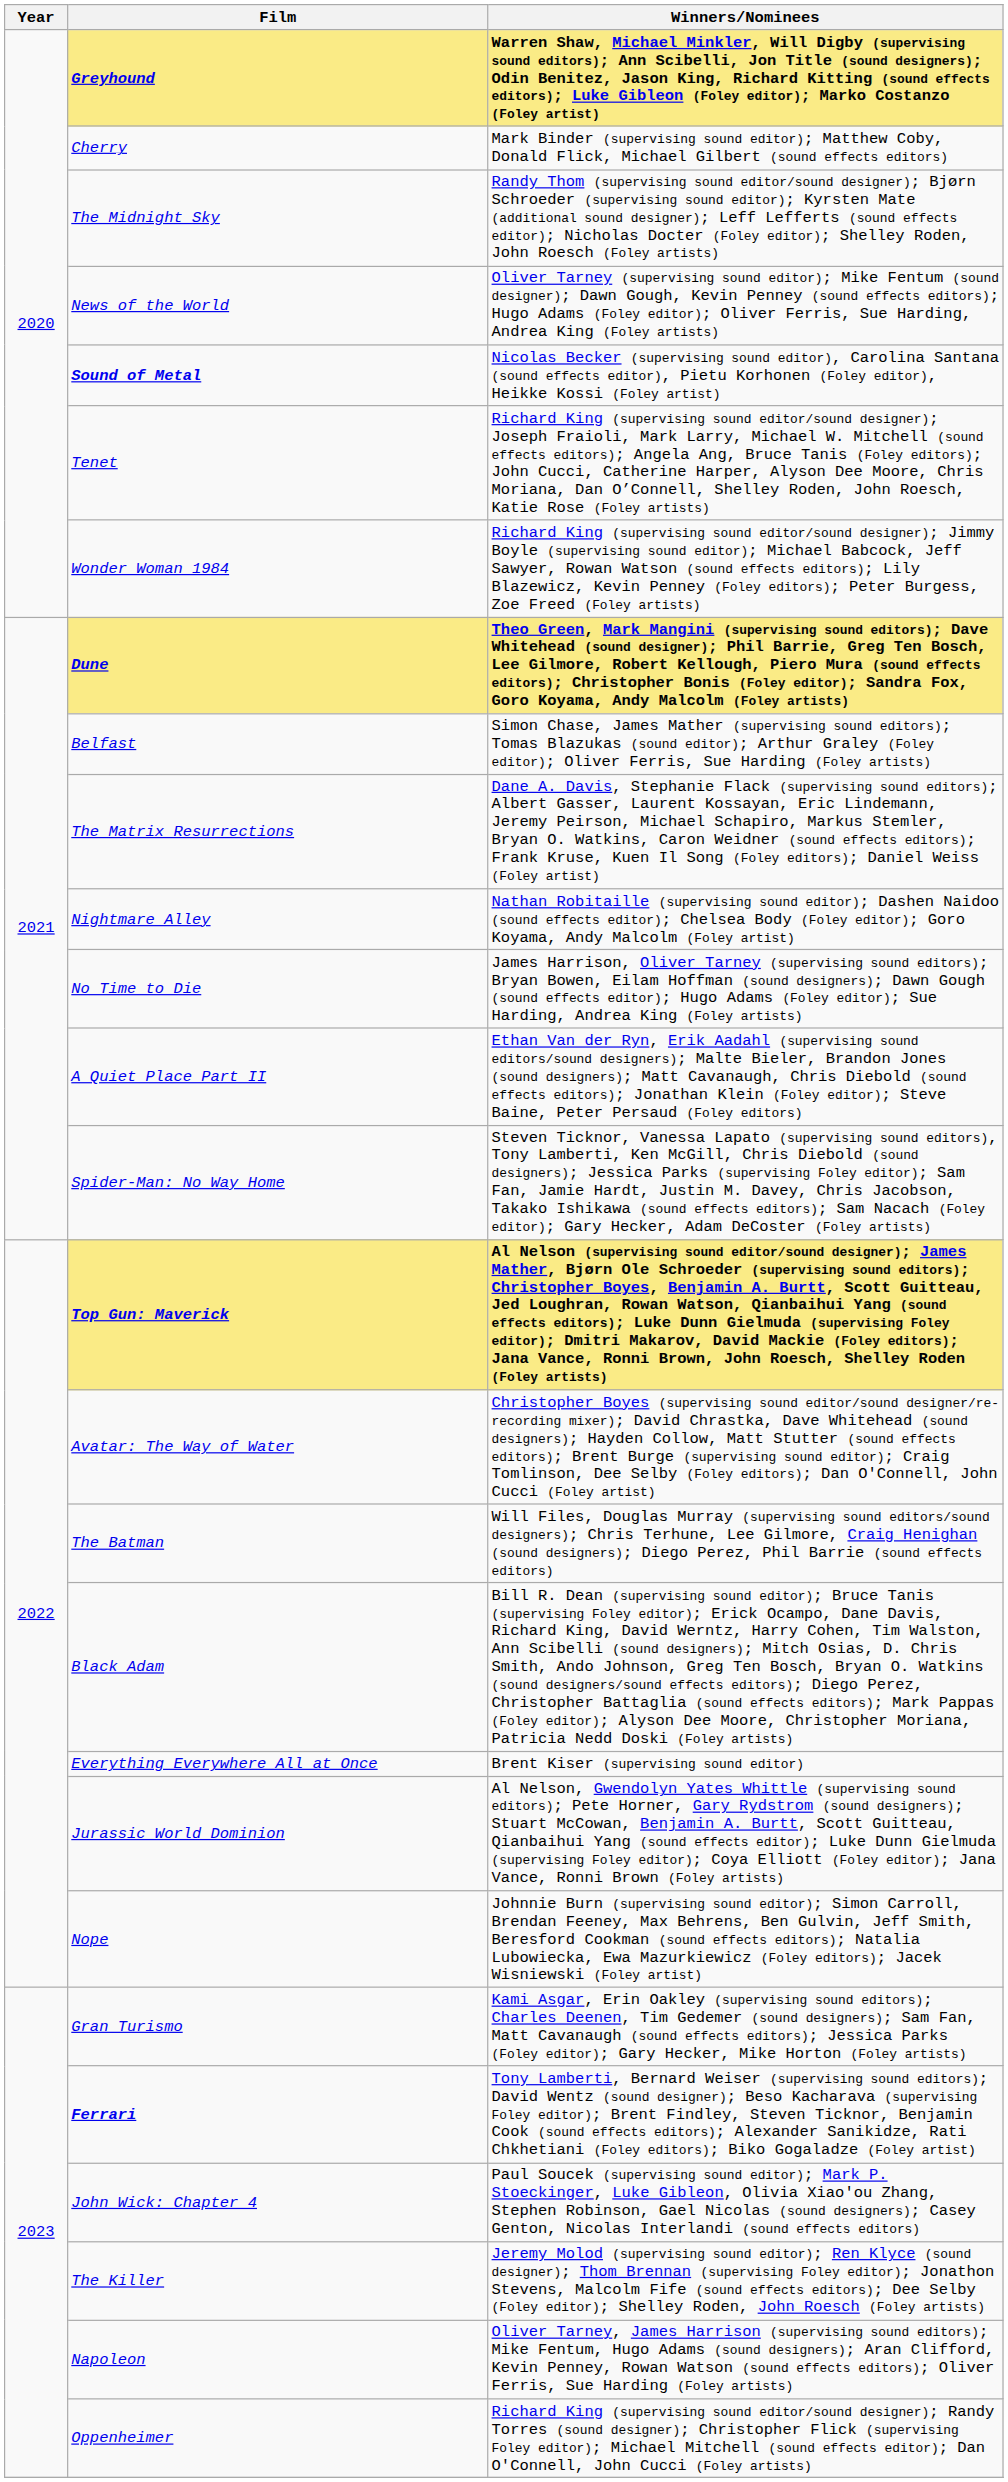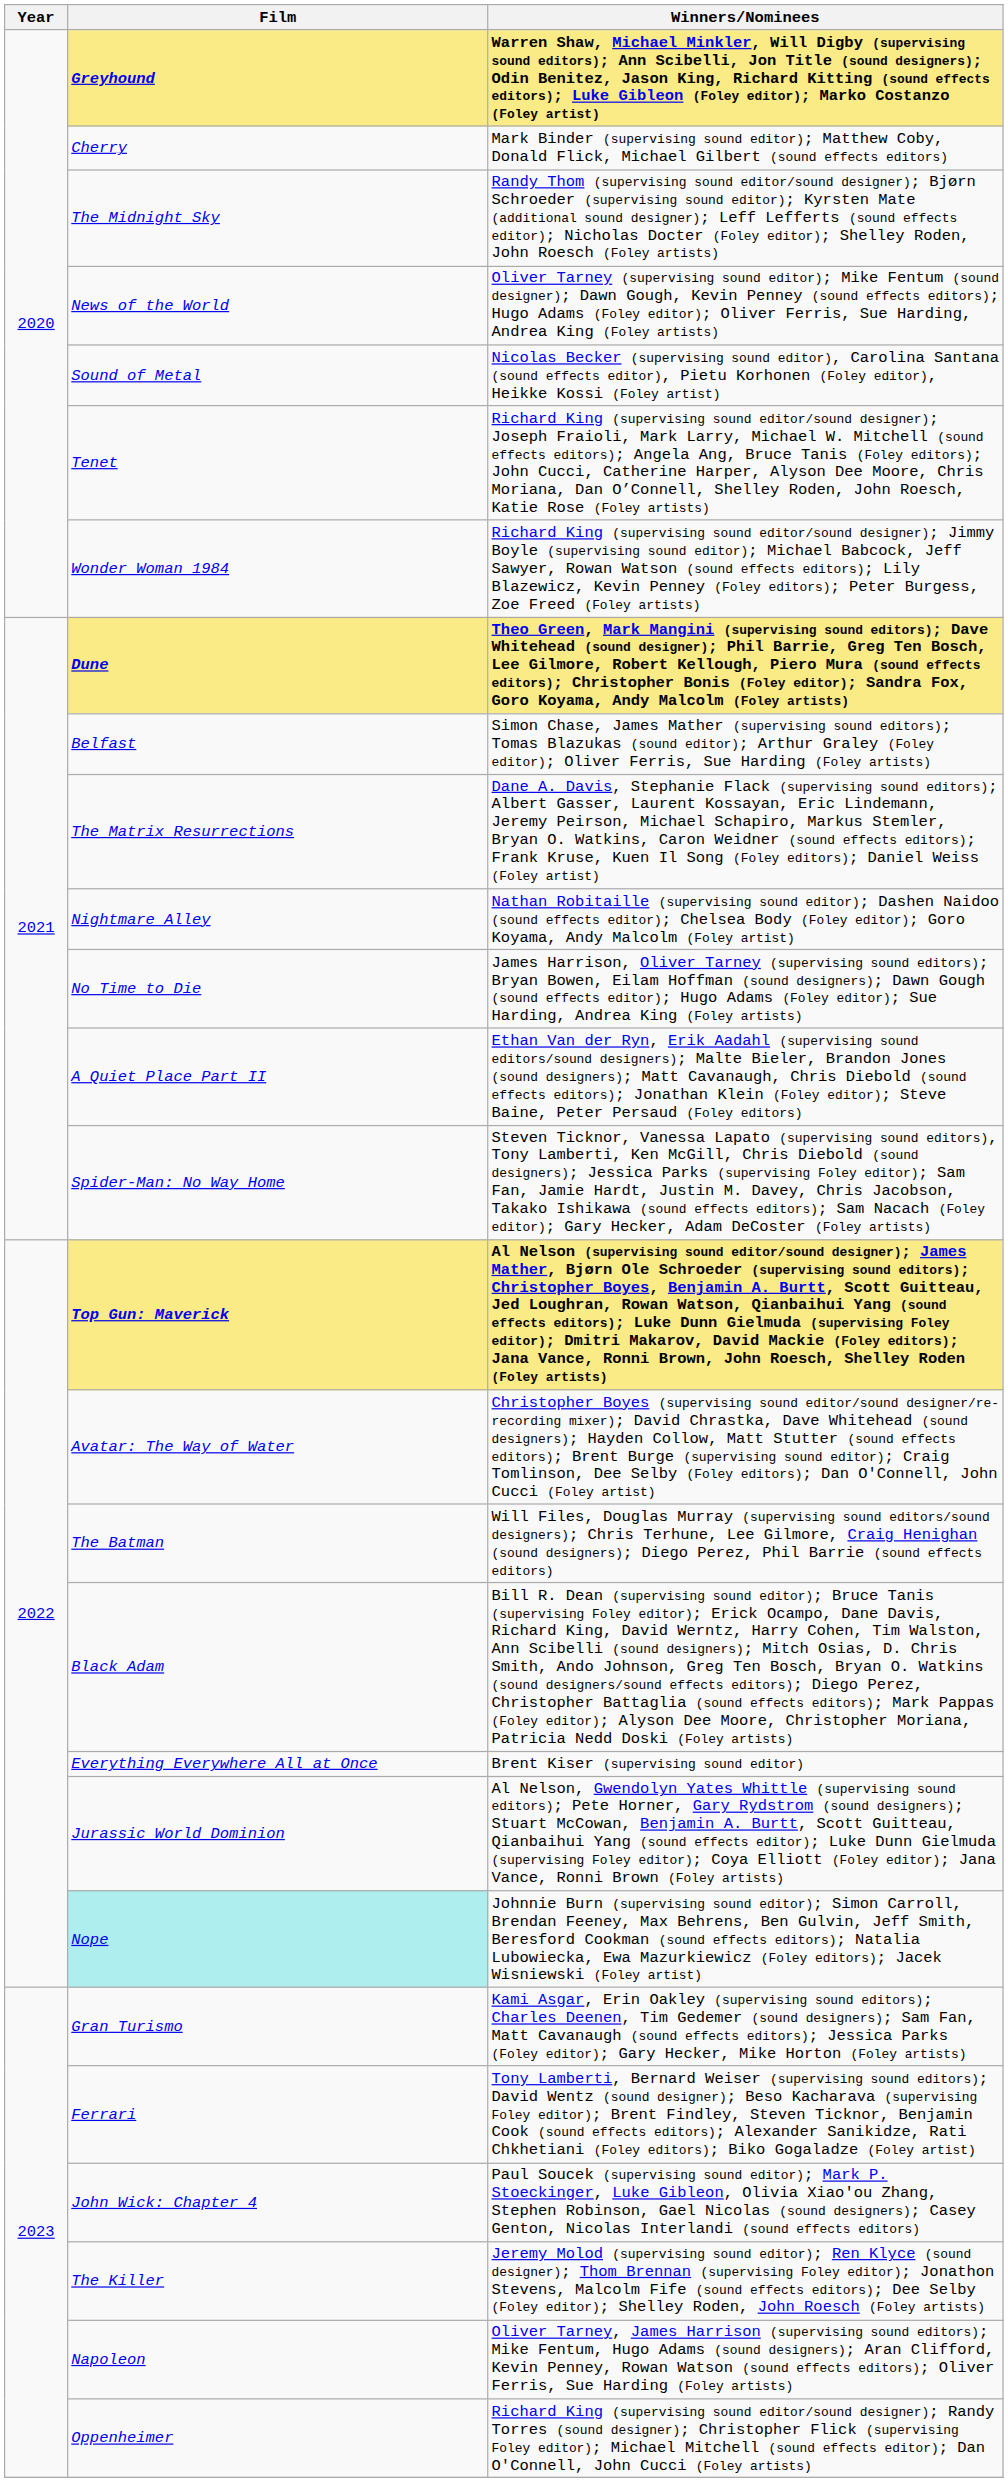 <table class="wikitable" width="95%" cellpadding="5">
 <tr>
 <th width="6%">Year</th>
 <th width="40%">Film</th>
 <th width="49%">Winners/Nominees</th>
 </tr>
 <tr>
 <td rowspan=7 style="text-align:center"><a href='#'>2020</a><br></td>
 <td style="background:#FAEB86;"><strong><em><a href='#'>Greyhound</a></em></strong></td>
 <td style="background:#FAEB86;"><strong>Warren Shaw, <a href='#'>Michael Minkler</a>, Will Digby <small>(supervising sound editors)</small>; Ann Scibelli, Jon Title <small>(sound designers)</small>; Odin Benitez, Jason King, Richard Kitting <small>(sound effects editors)</small>; <a href='#'>Luke Gibleon</a> <small>(Foley editor)</small>; Marko Costanzo <small>(Foley artist)</small></strong></td>
 </tr>
 <tr>
 <td><em><a href='#'>Cherry</a></em></td>
 <td>Mark Binder <small>(supervising sound editor)</small>; Matthew Coby, Donald Flick, Michael Gilbert <small>(sound effects editors)</small></td>
 </tr>
 <tr>
 <td><em><a href='#'>The Midnight Sky</a></em></td>
 <td><a href='#'>Randy Thom</a> <small>(supervising sound editor/sound designer)</small>; Bjørn Schroeder <small>(supervising sound editor)</small>; Kyrsten Mate <small>(additional sound designer)</small>; Leff Lefferts <small>(sound effects editor)</small>; Nicholas Docter <small>(Foley editor)</small>; Shelley Roden, John Roesch <small>(Foley artists)</small></td>
 </tr>
 <tr>
 <td><em><a href='#'>News of the World</a></em></td>
 <td><a href='#'>Oliver Tarney</a> <small>(supervising sound editor)</small>; Mike Fentum <small>(sound designer)</small>; Dawn Gough, Kevin Penney <small>(sound effects editors)</small>; Hugo Adams <small>(Foley editor)</small>; Oliver Ferris, Sue Harding, Andrea King <small>(Foley artists)</small></td>
 </tr>
 <tr>
-<td><strong><em><a href='#'>Sound of Metal</a></em></strong></td>
+<td><em><a href='#'>Sound of Metal</a></em></td>
 <td><a href='#'>Nicolas Becker</a> <small>(supervising sound editor)</small>, Carolina Santana <small>(sound effects editor)</small>, Pietu Korhonen <small>(Foley editor)</small>, Heikke Kossi <small>(Foley artist)</small></td>
 </tr>
 <tr>
 <td><em><a href='#'>Tenet</a></em></td>
 <td><a href='#'>Richard King</a> <small>(supervising sound editor/sound designer)</small>; Joseph Fraioli, Mark Larry, Michael W. Mitchell <small>(sound effects editors)</small>; Angela Ang, Bruce Tanis <small>(Foley editors)</small>; John Cucci, Catherine Harper, Alyson Dee Moore, Chris Moriana, Dan O’Connell, Shelley Roden, John Roesch, Katie Rose <small>(Foley artists)</small></td>
 </tr>
 <tr>
 <td><em><a href='#'>Wonder Woman 1984</a></em></td>
 <td><a href='#'>Richard King</a> <small>(supervising sound editor/sound designer)</small>; Jimmy Boyle <small>(supervising sound editor)</small>; Michael Babcock, Jeff Sawyer, Rowan Watson <small>(sound effects editors)</small>; Lily Blazewicz, Kevin Penney <small>(Foley editors)</small>; Peter Burgess, Zoe Freed <small>(Foley artists)</small></td>
 </tr>
 <tr>
 <td rowspan=7 style="text-align:center"><a href='#'>2021</a><br></td>
 <td style="background:#FAEB86;"><strong><em><a href='#'>Dune</a></em></strong></td>
 <td style="background:#FAEB86;"><strong><a href='#'>Theo Green</a>, <a href='#'>Mark Mangini</a> <small>(supervising sound editors)</small>; Dave Whitehead <small>(sound designer)</small>; Phil Barrie, Greg Ten Bosch, Lee Gilmore, Robert Kellough, Piero Mura <small>(sound effects editors)</small>; Christopher Bonis <small>(Foley editor)</small>; Sandra Fox, Goro Koyama, Andy Malcolm <small>(Foley artists)</small></strong></td>
 </tr>
 <tr>
 <td><em><a href='#'>Belfast</a></em></td>
 <td>Simon Chase, James Mather <small>(supervising sound editors)</small>; Tomas Blazukas <small>(sound editor)</small>; Arthur Graley <small>(Foley editor)</small>; Oliver Ferris, Sue Harding <small>(Foley artists)</small></td>
 </tr>
 <tr>
 <td><em><a href='#'>The Matrix Resurrections</a></em></td>
 <td><a href='#'>Dane A. Davis</a>, Stephanie Flack <small>(supervising sound editors)</small>; Albert Gasser, Laurent Kossayan, Eric Lindemann, Jeremy Peirson, Michael Schapiro, Markus Stemler, Bryan O. Watkins, Caron Weidner <small>(sound effects editors)</small>; Frank Kruse, Kuen Il Song <small>(Foley editors)</small>; Daniel Weiss <small>(Foley artist)</small></td>
 </tr>
 <tr>
 <td><em><a href='#'>Nightmare Alley</a></em></td>
 <td><a href='#'>Nathan Robitaille</a> <small>(supervising sound editor)</small>; Dashen Naidoo <small>(sound effects editor)</small>; Chelsea Body <small>(Foley editor)</small>; Goro Koyama, Andy Malcolm <small>(Foley artist)</small></td>
 </tr>
 <tr>
 <td><em><a href='#'>No Time to Die</a></em></td>
 <td>James Harrison, <a href='#'>Oliver Tarney</a> <small>(supervising sound editors)</small>; Bryan Bowen, Eilam Hoffman <small>(sound designers)</small>; Dawn Gough <small>(sound effects editor)</small>; Hugo Adams <small>(Foley editor)</small>; Sue Harding, Andrea King <small>(Foley artists)</small></td>
 </tr>
 <tr>
 <td><em><a href='#'>A Quiet Place Part II</a></em></td>
 <td><a href='#'>Ethan Van der Ryn</a>, <a href='#'>Erik Aadahl</a> <small>(supervising sound editors/sound designers)</small>; Malte Bieler, Brandon Jones <small>(sound designers)</small>; Matt Cavanaugh, Chris Diebold <small>(sound effects editors)</small>; Jonathan Klein <small>(Foley editor)</small>; Steve Baine, Peter Persaud <small>(Foley editors)</small></td>
 </tr>
 <tr>
 <td><em><a href='#'>Spider-Man: No Way Home</a></em></td>
 <td>Steven Ticknor, Vanessa Lapato <small>(supervising sound editors)</small>, Tony Lamberti, Ken McGill, Chris Diebold <small>(sound designers)</small>; Jessica Parks <small>(supervising Foley editor)</small>; Sam Fan, Jamie Hardt, Justin M. Davey, Chris Jacobson, Takako Ishikawa <small>(sound effects editors)</small>; Sam Nacach <small>(Foley editor)</small>; Gary Hecker, Adam DeCoster <small>(Foley artists)</small></td>
 </tr>
 <tr>
 <td rowspan=7 style="text-align:center"><a href='#'>2022</a><br></td>
 <td style="background:#FAEB86;"><strong><em><a href='#'>Top Gun: Maverick</a></em></strong></td>
 <td style="background:#FAEB86;"><strong>Al Nelson <small>(supervising sound editor/sound designer)</small>; <a href='#'>James Mather</a>, Bjørn Ole Schroeder <small>(supervising sound editors)</small>; <a href='#'>Christopher Boyes</a>, <a href='#'>Benjamin A. Burtt</a>, Scott Guitteau, Jed Loughran, Rowan Watson, Qianbaihui Yang <small>(sound effects editors)</small>; Luke Dunn Gielmuda <small>(supervising Foley editor)</small>; Dmitri Makarov, David Mackie <small>(Foley editors)</small>; Jana Vance, Ronni Brown, John Roesch, Shelley Roden <small>(Foley artists)</small></strong></td>
 </tr>
 <tr>
 <td><em><a href='#'>Avatar: The Way of Water</a></em></td>
 <td><a href='#'>Christopher Boyes</a> <small>(supervising sound editor/sound designer/re-recording mixer)</small>; David Chrastka, Dave Whitehead <small>(sound designers)</small>; Hayden Collow, Matt Stutter <small>(sound effects editors)</small>; Brent Burge <small>(supervising sound editor)</small>; Craig Tomlinson, Dee Selby <small>(Foley editors)</small>; Dan O'Connell, John Cucci <small>(Foley artist)</small></td>
 </tr>
 <tr>
 <td><em><a href='#'>The Batman</a></em></td>
 <td>Will Files, Douglas Murray <small>(supervising sound editors/sound designers)</small>; Chris Terhune, Lee Gilmore, <a href='#'>Craig Henighan</a> <small>(sound designers)</small>; Diego Perez, Phil Barrie <small>(sound effects editors)</small></td>
 </tr>
 <tr>
 <td><em><a href='#'>Black Adam</a></em></td>
 <td>Bill R. Dean <small>(supervising sound editor)</small>; Bruce Tanis <small>(supervising Foley editor)</small>; Erick Ocampo, Dane Davis, Richard King, David Werntz, Harry Cohen, Tim Walston, Ann Scibelli <small>(sound designers)</small>; Mitch Osias, D. Chris Smith, Ando Johnson, Greg Ten Bosch, Bryan O. Watkins <small>(sound designers/sound effects editors)</small>; Diego Perez, Christopher Battaglia <small>(sound effects editors)</small>; Mark Pappas <small>(Foley editor)</small>; Alyson Dee Moore, Christopher Moriana, Patricia Nedd Doski <small>(Foley artists)</small></td>
 </tr>
 <tr>
 <td><em><a href='#'>Everything Everywhere All at Once</a></em></td>
 <td>Brent Kiser <small>(supervising sound editor)</small></td>
 </tr>
 <tr>
 <td><em><a href='#'>Jurassic World Dominion</a></em></td>
 <td>Al Nelson, <a href='#'>Gwendolyn Yates Whittle</a> <small>(supervising sound editors)</small>; Pete Horner, <a href='#'>Gary Rydstrom</a> <small>(sound designers)</small>; Stuart McCowan, <a href='#'>Benjamin A. Burtt</a>, Scott Guitteau, Qianbaihui Yang <small>(sound effects editor)</small>; Luke Dunn Gielmuda <small>(supervising Foley editor)</small>; Coya Elliott <small>(Foley editor)</small>; Jana Vance, Ronni Brown <small>(Foley artists)</small></td>
 </tr>
 <tr>
-<td><em><a href='#'>Nope</a></em></td>
+<td style="background: paleturquoise;"><em><a href='#'>Nope</a></em></td>
 <td>Johnnie Burn <small>(supervising sound editor)</small>; Simon Carroll, Brendan Feeney, Max Behrens, Ben Gulvin, Jeff Smith, Beresford Cookman <small>(sound effects editors)</small>; Natalia Lubowiecka, Ewa Mazurkiewicz <small>(Foley editors)</small>; Jacek Wisniewski <small>(Foley artist)</small></td>
 </tr>
 <tr>
 <td rowspan=6 style="text-align:center"><a href='#'>2023</a><br></td>
 <td><em><a href='#'>Gran Turismo</a></em></td>
 <td><a href='#'>Kami Asgar</a>, Erin Oakley <small>(supervising sound editors)</small>; <a href='#'>Charles Deenen</a>, Tim Gedemer <small>(sound designers)</small>; Sam Fan, Matt Cavanaugh <small>(sound effects editors)</small>; Jessica Parks <small>(Foley editor)</small>; Gary Hecker, Mike Horton <small>(Foley artists)</small></td>
 </tr>
 <tr>
-<td><strong><em><a href='#'>Ferrari</a></em></strong></td>
+<td><em><a href='#'>Ferrari</a></em></td>
 <td><a href='#'>Tony Lamberti</a>, Bernard Weiser <small>(supervising sound editors)</small>; David Wentz <small>(sound designer)</small>; Beso Kacharava <small>(supervising Foley editor)</small>; Brent Findley, Steven Ticknor, Benjamin Cook <small>(sound effects editors)</small>; Alexander Sanikidze, Rati Chkhetiani <small>(Foley editors)</small>; Biko Gogaladze <small>(Foley artist)</small></td>
 </tr>
 <tr>
 <td><em><a href='#'>John Wick: Chapter 4</a></em></td>
 <td>Paul Soucek <small>(supervising sound editor)</small>; <a href='#'>Mark P. Stoeckinger</a>, <a href='#'>Luke Gibleon</a>, Olivia Xiao'ou Zhang, Stephen Robinson, Gael Nicolas <small>(sound designers)</small>; Casey Genton, Nicolas Interlandi <small>(sound effects editors)</small></td>
 </tr>
 <tr>
 <td><em><a href='#'>The Killer</a></em></td>
 <td><a href='#'>Jeremy Molod</a> <small>(supervising sound editor)</small>; <a href='#'>Ren Klyce</a> <small>(sound designer)</small>; <a href='#'>Thom Brennan</a> <small>(supervising Foley editor)</small>; Jonathon Stevens, Malcolm Fife <small>(sound effects editors)</small>; Dee Selby <small>(Foley editor)</small>; Shelley Roden, <a href='#'>John Roesch</a> <small>(Foley artists)</small></td>
 </tr>
 <tr>
 <td><em><a href='#'>Napoleon</a></em></td>
 <td><a href='#'>Oliver Tarney</a>, <a href='#'>James Harrison</a> <small>(supervising sound editors)</small>; Mike Fentum, Hugo Adams <small>(sound designers)</small>; Aran Clifford, Kevin Penney, Rowan Watson <small>(sound effects editors)</small>; Oliver Ferris, Sue Harding <small>(Foley artists)</small></td>
 </tr>
 <tr>
 <td><em><a href='#'>Oppenheimer</a></em></td>
 <td><a href='#'>Richard King</a> <small>(supervising sound editor/sound designer)</small>; Randy Torres <small>(sound designer)</small>; Christopher Flick <small>(supervising Foley editor)</small>; Michael Mitchell <small>(sound effects editor)</small>; Dan O'Connell, John Cucci <small>(Foley artists)</small></td>
 </tr>
 <tr>
 </tr>
 </table>
